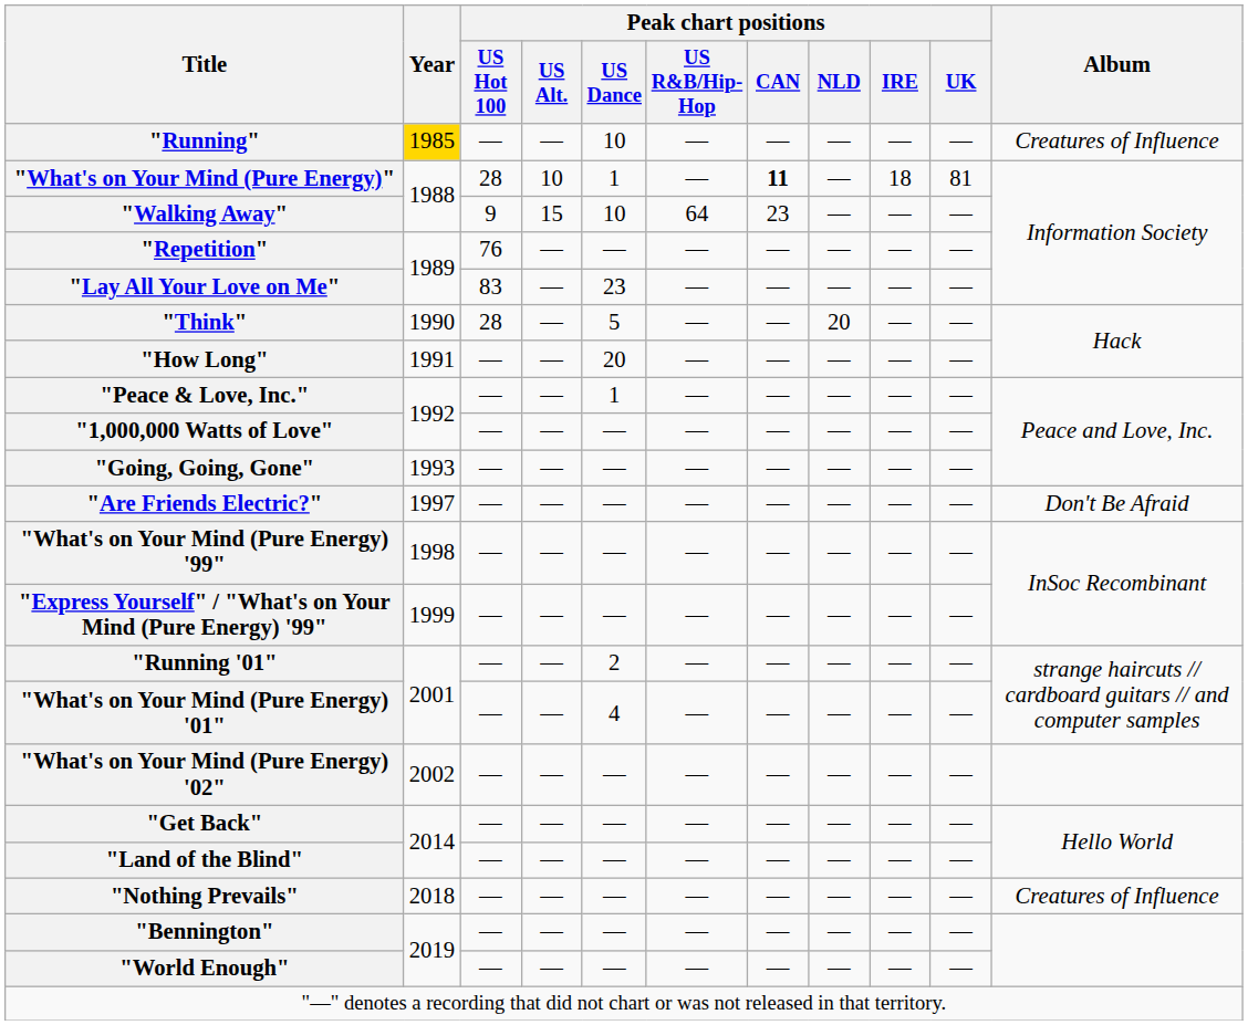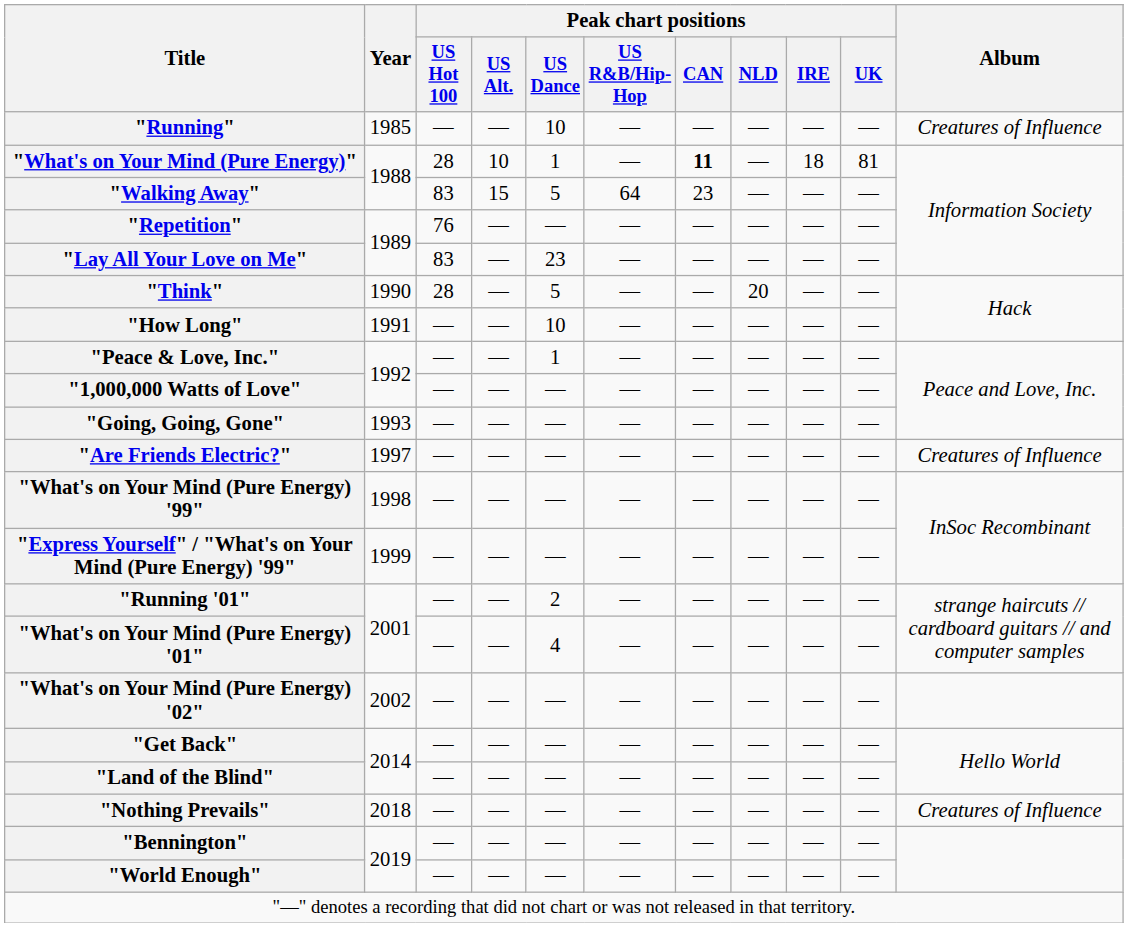 <table class="wikitable plainrowheaders" style="text-align:center;">
 <tr>
 <th scope="col" rowspan="2" style="width:17em;">Title</th>
 <th scope="col" rowspan="2">Year</th>
 <th scope="col" colspan="8">Peak chart positions</th>
 <th scope="col" rowspan="2">Album</th>
 </tr>
 <tr>
 <th scope="col" style="width:2.5em;font-size:90%;"><a href='#'>US Hot 100</a><br></th>
 <th scope="col" style="width:2.5em;font-size:90%;"><a href='#'>US Alt.</a><br></th>
 <th scope="col" style="width:2.5em;font-size:90%;"><a href='#'>US Dance</a><br></th>
 <th scope="col" style="width:2.5em;font-size:90%;"><a href='#'>US R&B/Hip-Hop</a><br></th>
 <th scope="col" style="width:2.5em;font-size:90%;"><a href='#'>CAN</a><br></th>
 <th scope="col" style="width:2.5em;font-size:90%;"><a href='#'>NLD</a><br></th>
 <th scope="col" style="width:2.5em;font-size:90%;"><a href='#'>IRE</a><br></th>
 <th scope="col" style="width:2.5em;font-size:90%;"><a href='#'>UK</a><br></th>
 </tr>
 <tr>
 <th scope="row">"<a href='#'>Running</a>"</th>
-<td style="background: gold;">1985</td>
+<td>1985</td>
 <td>—</td>
 <td>—</td>
 <td>10</td>
 <td>—</td>
 <td>—</td>
 <td>—</td>
 <td>—</td>
 <td>—</td>
 <td><em>Creatures of Influence</em></td>
 </tr>
 <tr>
 <th scope="row">"<a href='#'>What's on Your Mind (Pure Energy)</a>"</th>
 <td rowspan="2">1988</td>
 <td>28</td>
 <td>10</td>
 <td>1</td>
 <td>—</td>
 <td><strong>11</strong></td>
 <td>—</td>
 <td>18</td>
 <td>81</td>
 <td rowspan="4"><em>Information Society</em></td>
 </tr>
 <tr>
 <th scope="row">"<a href='#'>Walking Away</a>"</th>
-<td>9</td>
+<td>83</td>
 <td>15</td>
-<td>10</td>
+<td>5</td>
 <td>64</td>
 <td>23</td>
 <td>—</td>
 <td>—</td>
 <td>—</td>
 </tr>
 <tr>
 <th scope="row">"<a href='#'>Repetition</a>"</th>
 <td rowspan="2">1989</td>
 <td>76</td>
 <td>—</td>
 <td>—</td>
 <td>—</td>
 <td>—</td>
 <td>—</td>
 <td>—</td>
 <td>—</td>
 </tr>
 <tr>
 <th scope="row">"<a href='#'>Lay All Your Love on Me</a>"</th>
 <td>83</td>
 <td>—</td>
 <td>23</td>
 <td>—</td>
 <td>—</td>
 <td>—</td>
 <td>—</td>
 <td>—</td>
 </tr>
 <tr>
 <th scope="row">"<a href='#'>Think</a>"</th>
 <td>1990</td>
 <td>28</td>
 <td>—</td>
 <td>5</td>
 <td>—</td>
 <td>—</td>
 <td>20</td>
 <td>—</td>
 <td>—</td>
 <td rowspan="2"><em>Hack</em></td>
 </tr>
 <tr>
 <th scope="row">"How Long"</th>
 <td>1991</td>
 <td>—</td>
 <td>—</td>
-<td>20</td>
+<td>10</td>
 <td>—</td>
 <td>—</td>
 <td>—</td>
 <td>—</td>
 <td>—</td>
 </tr>
 <tr>
 <th scope="row">"Peace & Love, Inc."</th>
 <td rowspan="2">1992</td>
 <td>—</td>
 <td>—</td>
 <td>1</td>
 <td>—</td>
 <td>—</td>
 <td>—</td>
 <td>—</td>
 <td>—</td>
 <td rowspan="3"><em>Peace and Love, Inc.</em></td>
 </tr>
 <tr>
 <th scope="row">"1,000,000 Watts of Love" </th>
 <td>—</td>
 <td>—</td>
 <td>—</td>
 <td>—</td>
 <td>—</td>
 <td>—</td>
 <td>—</td>
 <td>—</td>
 </tr>
 <tr>
 <th scope="row">"Going, Going, Gone" </th>
 <td>1993</td>
 <td>—</td>
 <td>—</td>
 <td>—</td>
 <td>—</td>
 <td>—</td>
 <td>—</td>
 <td>—</td>
 <td>—</td>
 </tr>
 <tr>
 <th scope="row">"<a href='#'>Are Friends Electric?</a>" </th>
 <td>1997</td>
 <td>—</td>
 <td>—</td>
 <td>—</td>
 <td>—</td>
 <td>—</td>
 <td>—</td>
 <td>—</td>
 <td>—</td>
-<td><em>Don't Be Afraid</em></td>
+<td><em>Creatures of Influence</em></td>
 </tr>
 <tr>
 <th scope="row">"What's on Your Mind (Pure Energy) '99" </th>
 <td>1998</td>
 <td>—</td>
 <td>—</td>
 <td>—</td>
 <td>—</td>
 <td>—</td>
 <td>—</td>
 <td>—</td>
 <td>—</td>
 <td rowspan="2"><em>InSoc Recombinant</em></td>
 </tr>
 <tr>
 <th scope="row">"<a href='#'>Express Yourself</a>" / "What's on Your Mind (Pure Energy) '99" </th>
 <td>1999</td>
 <td>—</td>
 <td>—</td>
 <td>—</td>
 <td>—</td>
 <td>—</td>
 <td>—</td>
 <td>—</td>
 <td>—</td>
 </tr>
 <tr>
 <th scope="row">"Running '01" </th>
 <td rowspan="2">2001</td>
 <td>—</td>
 <td>—</td>
 <td>2</td>
 <td>—</td>
 <td>—</td>
 <td>—</td>
 <td>—</td>
 <td>—</td>
 <td rowspan="2"><em>strange haircuts // cardboard guitars // and computer samples</em></td>
 </tr>
 <tr>
 <th scope="row">"What's on Your Mind (Pure Energy) '01" </th>
 <td>—</td>
 <td>—</td>
 <td>4</td>
 <td>—</td>
 <td>—</td>
 <td>—</td>
 <td>—</td>
 <td>—</td>
 </tr>
 <tr>
 <th scope="row">"What's on Your Mind (Pure Energy) '02" </th>
 <td>2002</td>
 <td>—</td>
 <td>—</td>
 <td>—</td>
 <td>—</td>
 <td>—</td>
 <td>—</td>
 <td>—</td>
 <td>—</td>
 <td></td>
 </tr>
 <tr>
 <th scope="row">"Get Back"</th>
 <td rowspan="2">2014</td>
 <td>—</td>
 <td>—</td>
 <td>—</td>
 <td>—</td>
 <td>—</td>
 <td>—</td>
 <td>—</td>
 <td>—</td>
 <td rowspan="2"><em>Hello World</em></td>
 </tr>
 <tr>
 <th scope="row">"Land of the Blind"</th>
 <td>—</td>
 <td>—</td>
 <td>—</td>
 <td>—</td>
 <td>—</td>
 <td>—</td>
 <td>—</td>
 <td>—</td>
 </tr>
 <tr>
 <th scope="row">"Nothing Prevails"</th>
 <td>2018</td>
 <td>—</td>
 <td>—</td>
 <td>—</td>
 <td>—</td>
 <td>—</td>
 <td>—</td>
 <td>—</td>
 <td>—</td>
 <td><em>Creatures of Influence</em></td>
 </tr>
 <tr>
 <th scope="row">"Bennington"</th>
 <td rowspan="2">2019</td>
 <td>—</td>
 <td>—</td>
 <td>—</td>
 <td>—</td>
 <td>—</td>
 <td>—</td>
 <td>—</td>
 <td>—</td>
 </tr>
 <tr>
 <th scope="row">"World Enough"</th>
 <td>—</td>
 <td>—</td>
 <td>—</td>
 <td>—</td>
 <td>—</td>
 <td>—</td>
 <td>—</td>
 <td>—</td>
 </tr>
 <tr>
 <td colspan="14" style="font-size:90%">"—" denotes a recording that did not chart or was not released in that territory.</td>
 </tr>
 </table>
